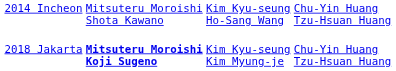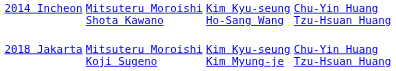 <table>
 <tr>
 <td><a href='#'>2014 Incheon</a></td>
 <td> <br> <a href='#'>Mitsuteru Moroishi</a> <br> <a href='#'>Shota Kawano</a></td>
 <td> <br> <a href='#'>Kim Kyu-seung</a> <br> <a href='#'>Ho-Sang Wang</a></td>
 <td> <br> <a href='#'>Chu-Yin Huang</a> <br> <a href='#'>Tzu-Hsuan Huang</a></td>
 </tr>
 <tr>
 <td><a href='#'>2018 Jakarta</a></td>
-<td><strong> <br> <a href='#'>Mitsuteru Moroishi</a> <br> <a href='#'>Koji Sugeno</a></strong></td>
+<td> <br> <a href='#'>Mitsuteru Moroishi</a> <br> <a href='#'>Koji Sugeno</a></td>
 <td> <br> <a href='#'>Kim Kyu-seung</a> <br> <a href='#'>Kim Myung-je</a></td>
 <td> <br> <a href='#'>Chu-Yin Huang</a> <br> <a href='#'>Tzu-Hsuan Huang</a></td>
 </tr>
 </table>
